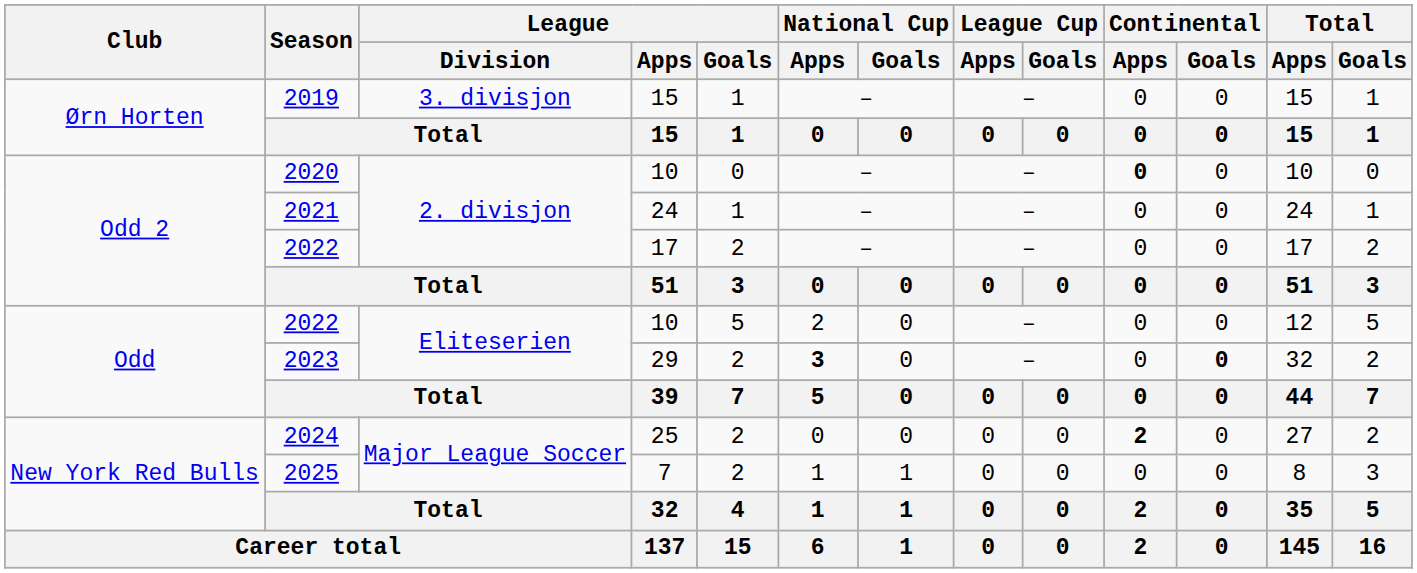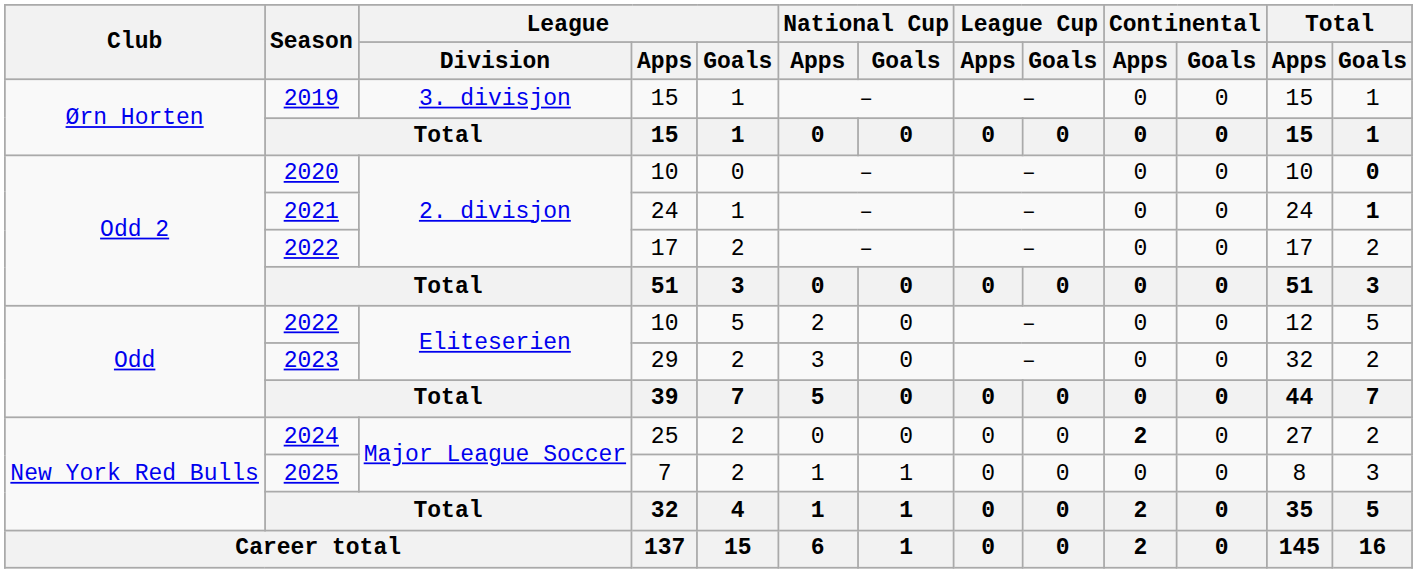 <table class=wikitable style=text-align:center>
 <tr>
 <th rowspan=2>Club</th>
 <th rowspan=2>Season</th>
 <th colspan=3>League</th>
 <th colspan=2>National Cup</th>
 <th colspan=2>League Cup</th>
 <th colspan=2>Continental</th>
 <th colspan=2>Total</th>
 </tr>
 <tr>
 <th>Division</th>
 <th>Apps</th>
 <th>Goals</th>
 <th>Apps</th>
 <th>Goals</th>
 <th>Apps</th>
 <th>Goals</th>
 <th>Apps</th>
 <th>Goals</th>
 <th>Apps</th>
 <th>Goals</th>
 </tr>
 <tr>
 <td rowspan="2"><a href='#'>Ørn Horten</a></td>
 <td><a href='#'>2019</a></td>
 <td rowspan="1"><a href='#'>3. divisjon</a></td>
 <td>15</td>
 <td>1</td>
 <td colspan="2">–</td>
 <td colspan="2">–</td>
 <td>0</td>
 <td>0</td>
 <td>15</td>
 <td>1</td>
 </tr>
 <tr>
 <th colspan=2><strong>Total</strong></th>
 <th>15</th>
 <th>1</th>
 <th>0</th>
 <th>0</th>
 <th>0</th>
 <th>0</th>
 <th>0</th>
 <th>0</th>
 <th>15</th>
 <th>1</th>
 </tr>
 <tr>
 <td rowspan="4"><a href='#'>Odd 2</a></td>
 <td><a href='#'>2020</a></td>
 <td rowspan="3"><a href='#'>2. divisjon</a></td>
 <td>10</td>
 <td>0</td>
 <td colspan="2">–</td>
 <td colspan="2">–</td>
-<td><strong>0</strong></td>
+<td>0</td>
 <td>0</td>
 <td>10</td>
-<td>0</td>
+<td><strong>0</strong></td>
 </tr>
 <tr>
 <td><a href='#'>2021</a></td>
 <td>24</td>
 <td>1</td>
 <td colspan="2">–</td>
 <td colspan="2">–</td>
 <td>0</td>
 <td>0</td>
 <td>24</td>
-<td>1</td>
+<td><strong>1</strong></td>
 </tr>
 <tr>
 <td><a href='#'>2022</a></td>
 <td>17</td>
 <td>2</td>
 <td colspan="2">–</td>
 <td colspan="2">–</td>
 <td>0</td>
 <td>0</td>
 <td>17</td>
 <td>2</td>
 </tr>
 <tr>
 <th colspan=2><strong>Total</strong></th>
 <th>51</th>
 <th>3</th>
 <th>0</th>
 <th>0</th>
 <th>0</th>
 <th>0</th>
 <th>0</th>
 <th>0</th>
 <th>51</th>
 <th>3</th>
 </tr>
 <tr>
 <td rowspan="3"><a href='#'>Odd</a></td>
 <td><a href='#'>2022</a></td>
 <td rowspan="2"><a href='#'>Eliteserien</a></td>
 <td>10</td>
 <td>5</td>
 <td>2</td>
 <td>0</td>
 <td colspan="2">–</td>
 <td>0</td>
 <td>0</td>
 <td>12</td>
 <td>5</td>
 </tr>
 <tr>
 <td><a href='#'>2023</a></td>
 <td>29</td>
 <td>2</td>
-<td><strong>3</strong></td>
+<td>3</td>
 <td>0</td>
 <td colspan="2">–</td>
 <td>0</td>
-<td><strong>0</strong></td>
+<td>0</td>
 <td>32</td>
 <td>2</td>
 </tr>
 <tr>
 <th colspan=2><strong>Total</strong></th>
 <th>39</th>
 <th>7</th>
 <th>5</th>
 <th>0</th>
 <th>0</th>
 <th>0</th>
 <th>0</th>
 <th>0</th>
 <th>44</th>
 <th>7</th>
 </tr>
 <tr>
 <td rowspan="3"><a href='#'>New York Red Bulls</a></td>
 <td><a href='#'>2024</a></td>
 <td rowspan="2"><a href='#'>Major League Soccer</a></td>
 <td>25</td>
 <td>2</td>
 <td>0</td>
 <td>0</td>
 <td>0</td>
 <td>0</td>
 <td><strong>2</strong></td>
 <td>0</td>
 <td>27</td>
 <td>2</td>
 </tr>
 <tr>
 <td><a href='#'>2025</a></td>
 <td>7</td>
 <td>2</td>
 <td>1</td>
 <td>1</td>
 <td>0</td>
 <td>0</td>
 <td>0</td>
 <td>0</td>
 <td>8</td>
 <td>3</td>
 </tr>
 <tr>
 <th colspan=2><strong>Total</strong></th>
 <th>32</th>
 <th>4</th>
 <th>1</th>
 <th>1</th>
 <th>0</th>
 <th>0</th>
 <th>2</th>
 <th>0</th>
 <th>35</th>
 <th>5</th>
 </tr>
 <tr>
 <th colspan=3><strong>Career total</strong></th>
 <th>137</th>
 <th>15</th>
 <th>6</th>
 <th>1</th>
 <th>0</th>
 <th>0</th>
 <th>2</th>
 <th>0</th>
 <th>145</th>
 <th>16</th>
 </tr>
 </table>
